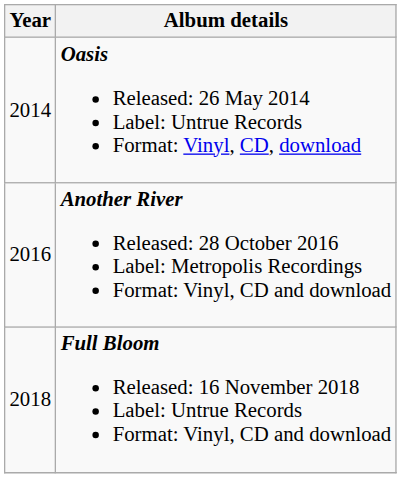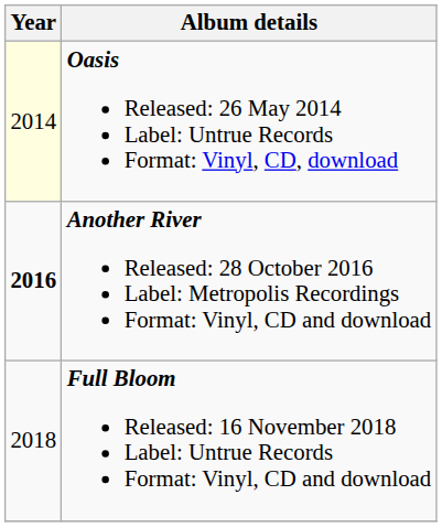 <table class="wikitable">
 <tr>
 <th>Year</th>
 <th>Album details</th>
 </tr>
 <tr>
-<td>2014</td>
+<td style="background: lightyellow;">2014</td>
 <td><strong><em>Oasis</em></strong><br><ul><li>Released: 26 May 2014</li><li>Label: Untrue Records</li><li>Format: <a href='#'>Vinyl</a>, <a href='#'>CD</a>, <a href='#'>download</a></li></ul></td>
 </tr>
 <tr>
-<td>2016</td>
+<td><strong>2016</strong></td>
 <td><strong><em>Another River</em></strong><br><ul><li>Released: 28 October 2016</li><li>Label: Metropolis Recordings</li><li>Format: Vinyl, CD and download</li></ul></td>
 </tr>
 <tr>
 <td>2018</td>
 <td><strong><em>Full Bloom</em></strong><br><ul><li>Released: 16 November 2018</li><li>Label: Untrue Records</li><li>Format: Vinyl, CD and download</li></ul></td>
 </tr>
 <tr>
 </tr>
 </table>
